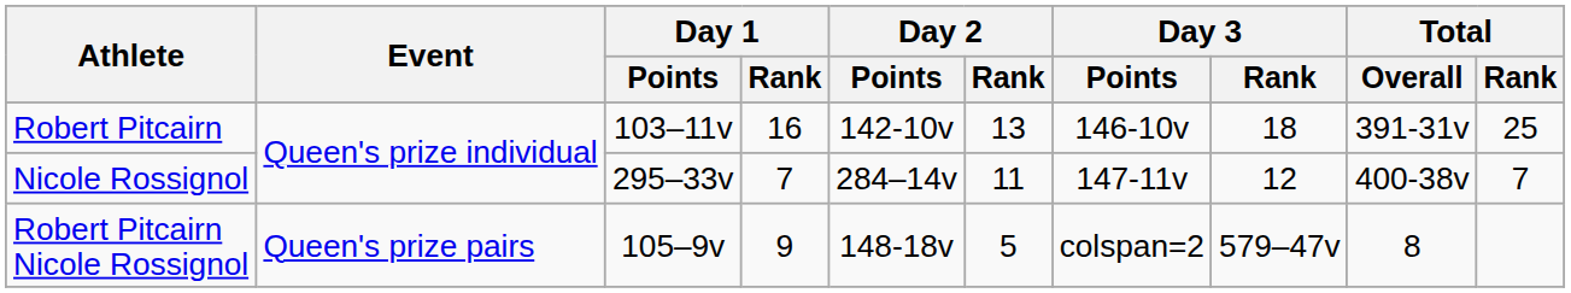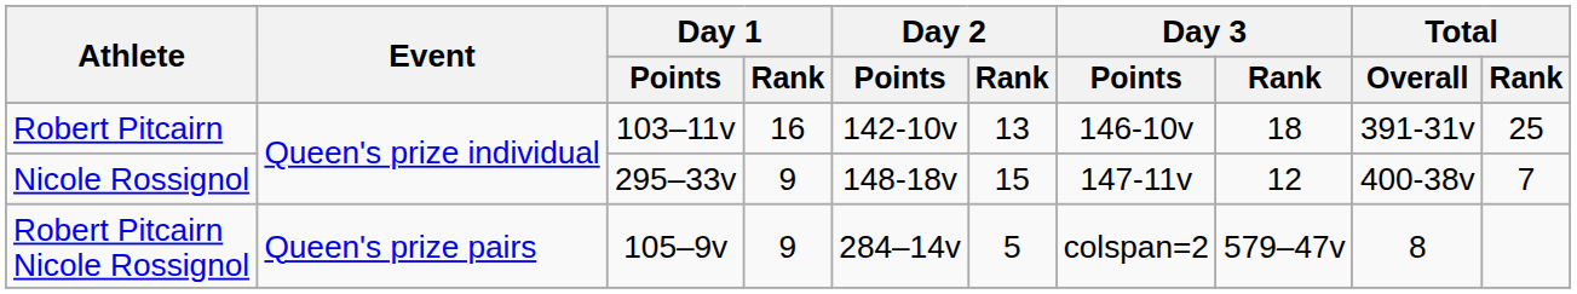 <table class="wikitable" style="font-size:90%">
 <tr>
 <th rowspan=2>Athlete</th>
 <th rowspan=2>Event</th>
 <th colspan=2>Day 1</th>
 <th colspan=2>Day 2</th>
 <th colspan=2>Day 3</th>
 <th colspan=2>Total</th>
 </tr>
 <tr style="font-size:95%">
 <th>Points</th>
 <th>Rank</th>
 <th>Points</th>
 <th>Rank</th>
 <th>Points</th>
 <th>Rank</th>
 <th>Overall</th>
 <th>Rank</th>
 </tr>
 <tr align=center>
 <td align=left><a href='#'>Robert Pitcairn</a></td>
 <td align=left rowspan=2><a href='#'>Queen's prize individual</a></td>
 <td>103–11v</td>
 <td>16</td>
 <td>142-10v</td>
 <td>13</td>
 <td>146-10v</td>
 <td>18</td>
 <td>391-31v</td>
 <td>25</td>
 </tr>
 <tr align=center>
 <td align=left><a href='#'>Nicole Rossignol</a></td>
 <td>295–33v</td>
-<td>7</td>
-<td>284–14v</td>
-<td>11</td>
+<td>9</td>
+<td>148-18v</td>
+<td>15</td>
 <td>147-11v</td>
 <td>12</td>
 <td>400-38v</td>
 <td>7</td>
 </tr>
 <tr align=center>
 <td align=left><a href='#'>Robert Pitcairn</a><br><a href='#'>Nicole Rossignol</a></td>
 <td align=left><a href='#'>Queen's prize pairs</a></td>
 <td>105–9v</td>
 <td>9</td>
-<td>148-18v</td>
+<td>284–14v</td>
 <td>5</td>
 <td>colspan=2 </td>
 <td>579–47v</td>
 <td>8</td>
 </tr>
 </table>
